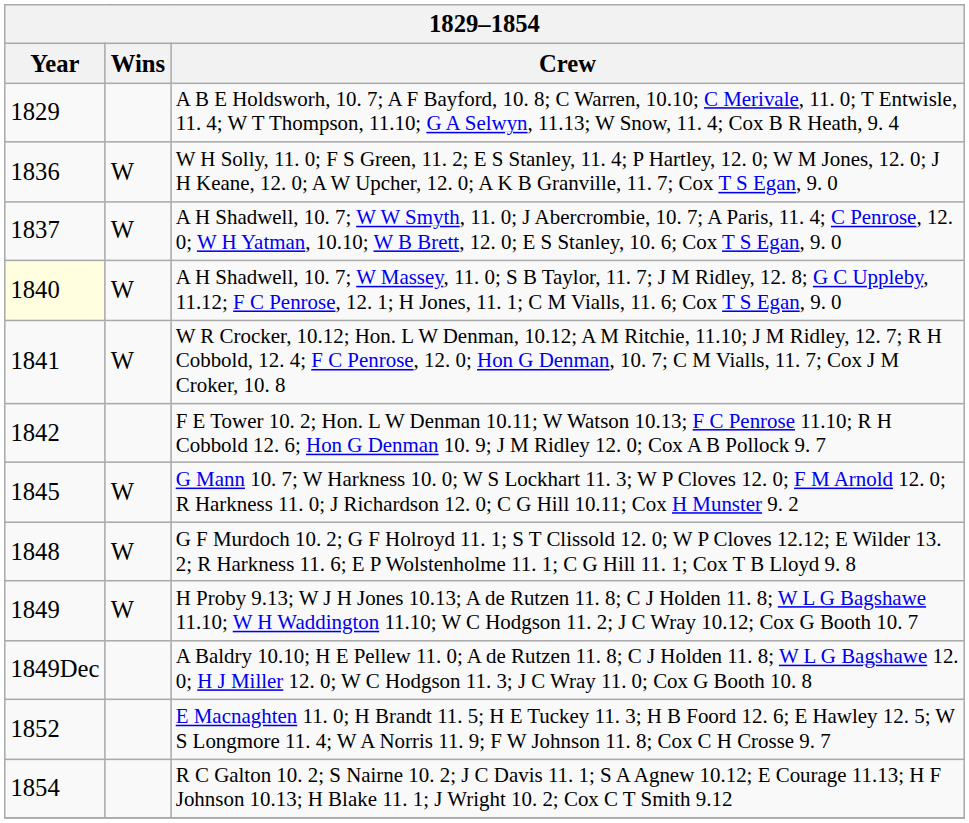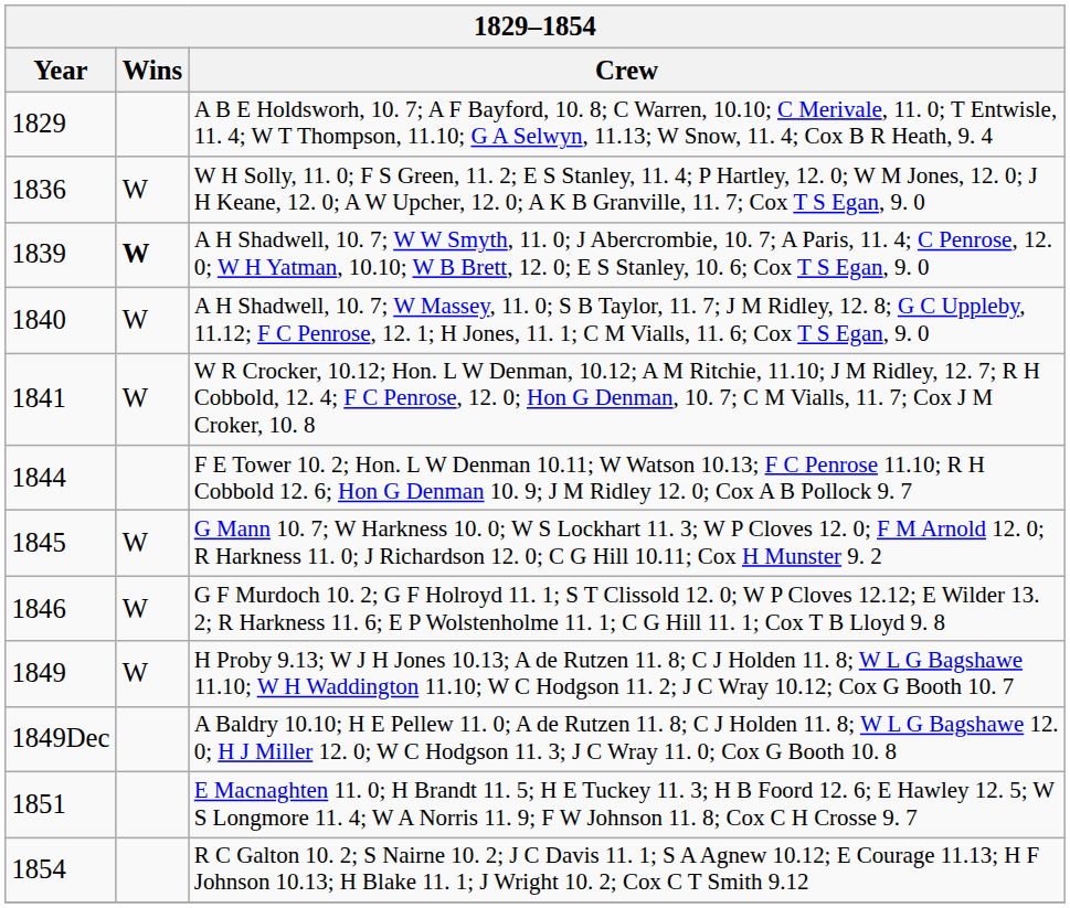 <table class="wikitable" style="width:100%;">
 <tr>
 <th colspan="3">1829–1854</th>
 </tr>
 <tr>
 <th>Year</th>
 <th>Wins</th>
 <th>Crew</th>
 </tr>
 <tr>
 <td>1829</td>
 <td></td>
 <td style="font-size:85%">A B E Holdsworh, 10. 7; A F Bayford, 10. 8; C Warren, 10.10; <a href='#'>C Merivale</a>, 11. 0; T Entwisle, 11. 4; W T Thompson, 11.10; <a href='#'>G A Selwyn</a>, 11.13; W Snow, 11. 4; Cox B R Heath, 9. 4</td>
 </tr>
 <tr>
 <td>1836</td>
 <td>W</td>
 <td style="font-size:85%">W H Solly, 11. 0; F S Green, 11. 2; E S Stanley, 11. 4; P Hartley, 12. 0; W M Jones, 12. 0; J H Keane, 12. 0; A W Upcher, 12. 0; A K B Granville, 11. 7; Cox <a href='#'>T S Egan</a>, 9. 0</td>
 </tr>
 <tr>
-<td>1837</td>
-<td>W</td>
+<td>1839</td>
+<td><strong>W</strong></td>
 <td style="font-size:85%">A H Shadwell, 10. 7; <a href='#'>W W Smyth</a>, 11. 0; J Abercrombie, 10. 7; A Paris, 11. 4; <a href='#'>C Penrose</a>, 12. 0; <a href='#'>W H Yatman</a>, 10.10; <a href='#'>W B Brett</a>, 12. 0; E S Stanley, 10. 6; Cox <a href='#'>T S Egan</a>, 9. 0</td>
 </tr>
 <tr>
-<td style="background: lightyellow;">1840</td>
+<td>1840</td>
 <td>W</td>
 <td style="font-size:85%">A H Shadwell, 10. 7; <a href='#'>W Massey</a>, 11. 0; S B Taylor, 11. 7; J M Ridley, 12. 8; <a href='#'>G C Uppleby</a>, 11.12; <a href='#'>F C Penrose</a>, 12. 1; H Jones, 11. 1; C M Vialls, 11. 6; Cox <a href='#'>T S Egan</a>, 9. 0</td>
 </tr>
 <tr>
 <td>1841</td>
 <td>W</td>
 <td style="font-size:85%">W R Crocker, 10.12; Hon. L W Denman, 10.12; A M Ritchie, 11.10; J M Ridley, 12. 7; R H Cobbold, 12. 4; <a href='#'>F C Penrose</a>, 12. 0; <a href='#'>Hon G Denman</a>, 10. 7; C M Vialls, 11. 7; Cox J M Croker, 10. 8</td>
 </tr>
 <tr>
-<td>1842</td>
+<td>1844</td>
 <td></td>
 <td style="font-size:85%">F E Tower 10. 2; Hon. L W Denman 10.11; W Watson 10.13; <a href='#'>F C Penrose</a> 11.10; R H Cobbold 12. 6; <a href='#'>Hon G Denman</a> 10. 9; J M Ridley 12. 0; Cox A B Pollock 9. 7</td>
 </tr>
 <tr>
 <td>1845</td>
 <td>W</td>
 <td style="font-size:85%"><a href='#'>G Mann</a> 10. 7; W Harkness 10. 0; W S Lockhart 11. 3; W P Cloves 12. 0; <a href='#'>F M Arnold</a> 12. 0; R Harkness 11. 0; J Richardson 12. 0; C G Hill 10.11; Cox <a href='#'>H Munster</a> 9. 2</td>
 </tr>
 <tr>
-<td>1848</td>
+<td>1846</td>
 <td>W</td>
 <td style="font-size:85%">G F Murdoch 10. 2; G F Holroyd 11. 1; S T Clissold 12. 0; W P Cloves 12.12; E Wilder 13. 2; R Harkness 11. 6; E P Wolstenholme 11. 1; C G Hill 11. 1; Cox T B Lloyd 9. 8</td>
 </tr>
 <tr>
 <td>1849</td>
 <td>W</td>
 <td style="font-size:85%">H Proby 9.13; W J H Jones 10.13; A de Rutzen 11. 8; C J Holden 11. 8; <a href='#'>W L G Bagshawe</a> 11.10; <a href='#'>W H Waddington</a> 11.10; W C Hodgson 11. 2; J C Wray 10.12; Cox G Booth 10. 7</td>
 </tr>
 <tr>
 <td>1849Dec</td>
 <td></td>
 <td style="font-size:85%">A Baldry 10.10; H E Pellew 11. 0; A de Rutzen 11. 8; C J Holden 11. 8; <a href='#'>W L G Bagshawe</a> 12. 0; <a href='#'>H J Miller</a> 12. 0; W C Hodgson 11. 3; J C Wray 11. 0; Cox G Booth 10. 8</td>
 </tr>
 <tr>
-<td>1852</td>
+<td>1851</td>
 <td></td>
 <td style="font-size:85%"><a href='#'>E Macnaghten</a> 11. 0; H Brandt 11. 5; H E Tuckey 11. 3; H B Foord 12. 6; E Hawley 12. 5; W S Longmore 11. 4; W A Norris 11. 9; F W Johnson 11. 8; Cox C H Crosse 9. 7</td>
 </tr>
 <tr>
 <td>1854</td>
 <td></td>
 <td style="font-size:85%">R C Galton 10. 2; S Nairne 10. 2; J C Davis 11. 1; S A Agnew 10.12; E Courage 11.13; H F Johnson 10.13; H Blake 11. 1; J Wright 10. 2; Cox C T Smith 9.12</td>
 </tr>
 <tr>
 </tr>
 </table>
